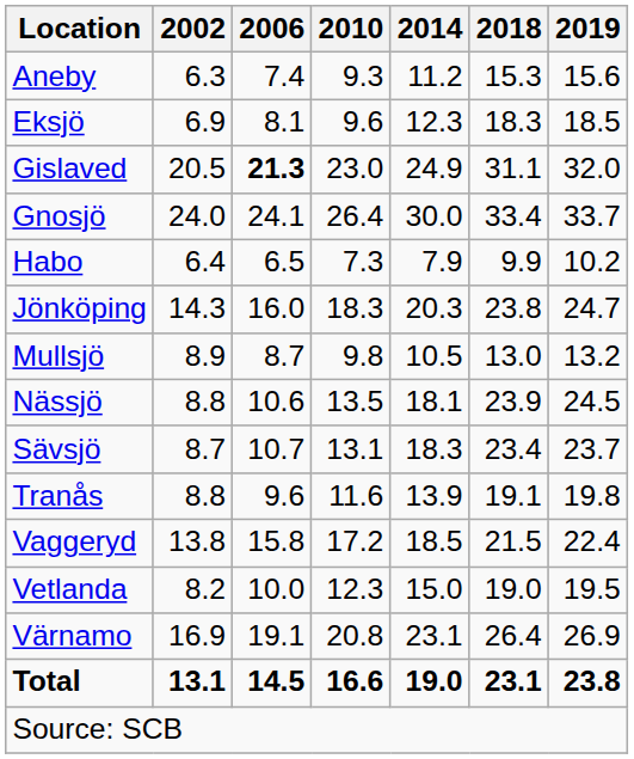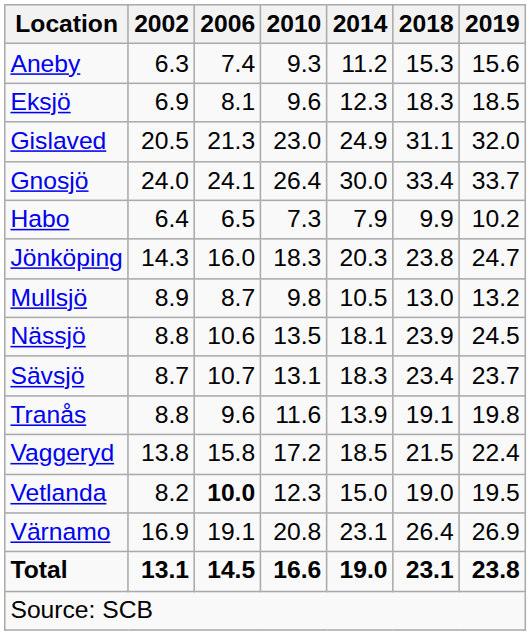 <table class="wikitable sortable" style=text-align:right>
 <tr>
 <th>Location</th>
 <th>2002</th>
 <th>2006</th>
 <th>2010</th>
 <th>2014</th>
 <th>2018</th>
 <th>2019</th>
 </tr>
 <tr>
 <td align=left><a href='#'>Aneby</a></td>
 <td>6.3</td>
 <td>7.4</td>
 <td>9.3</td>
 <td>11.2</td>
 <td>15.3</td>
 <td>15.6</td>
 </tr>
 <tr>
 <td align=left><a href='#'>Eksjö</a></td>
 <td>6.9</td>
 <td>8.1</td>
 <td>9.6</td>
 <td>12.3</td>
 <td>18.3</td>
 <td>18.5</td>
 </tr>
 <tr>
 <td align=left><a href='#'>Gislaved</a></td>
 <td>20.5</td>
-<td><strong>21.3</strong></td>
+<td>21.3</td>
 <td>23.0</td>
 <td>24.9</td>
 <td>31.1</td>
 <td>32.0</td>
 </tr>
 <tr>
 <td align=left><a href='#'>Gnosjö</a></td>
 <td>24.0</td>
 <td>24.1</td>
 <td>26.4</td>
 <td>30.0</td>
 <td>33.4</td>
 <td>33.7</td>
 </tr>
 <tr>
 <td align=left><a href='#'>Habo</a></td>
 <td>6.4</td>
 <td>6.5</td>
 <td>7.3</td>
 <td>7.9</td>
 <td>9.9</td>
 <td>10.2</td>
 </tr>
 <tr>
 <td align=left><a href='#'>Jönköping</a></td>
 <td>14.3</td>
 <td>16.0</td>
 <td>18.3</td>
 <td>20.3</td>
 <td>23.8</td>
 <td>24.7</td>
 </tr>
 <tr>
 <td align=left><a href='#'>Mullsjö</a></td>
 <td>8.9</td>
 <td>8.7</td>
 <td>9.8</td>
 <td>10.5</td>
 <td>13.0</td>
 <td>13.2</td>
 </tr>
 <tr>
 <td align=left><a href='#'>Nässjö</a></td>
 <td>8.8</td>
 <td>10.6</td>
 <td>13.5</td>
 <td>18.1</td>
 <td>23.9</td>
 <td>24.5</td>
 </tr>
 <tr>
 <td align=left><a href='#'>Sävsjö</a></td>
 <td>8.7</td>
 <td>10.7</td>
 <td>13.1</td>
 <td>18.3</td>
 <td>23.4</td>
 <td>23.7</td>
 </tr>
 <tr>
 <td align=left><a href='#'>Tranås</a></td>
 <td>8.8</td>
 <td>9.6</td>
 <td>11.6</td>
 <td>13.9</td>
 <td>19.1</td>
 <td>19.8</td>
 </tr>
 <tr>
 <td align=left><a href='#'>Vaggeryd</a></td>
 <td>13.8</td>
 <td>15.8</td>
 <td>17.2</td>
 <td>18.5</td>
 <td>21.5</td>
 <td>22.4</td>
 </tr>
 <tr>
 <td align=left><a href='#'>Vetlanda</a></td>
 <td>8.2</td>
-<td>10.0</td>
+<td><strong>10.0</strong></td>
 <td>12.3</td>
 <td>15.0</td>
 <td>19.0</td>
 <td>19.5</td>
 </tr>
 <tr>
 <td align=left><a href='#'>Värnamo</a></td>
 <td>16.9</td>
 <td>19.1</td>
 <td>20.8</td>
 <td>23.1</td>
 <td>26.4</td>
 <td>26.9</td>
 </tr>
 <tr>
 <td align=left><strong>Total</strong></td>
 <td><strong>13.1</strong></td>
 <td><strong>14.5</strong></td>
 <td><strong>16.6</strong></td>
 <td><strong>19.0</strong></td>
 <td><strong>23.1</strong></td>
 <td><strong>23.8</strong></td>
 </tr>
 <tr>
 <td align=left colspan=7>Source: SCB </td>
 </tr>
 </table>
